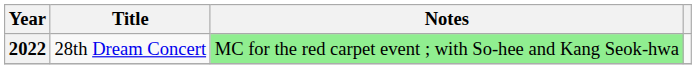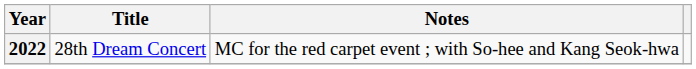 <table class="wikitable plainrowheaders">
 <tr>
 <th scope="col">Year</th>
 <th scope="col">Title</th>
 <th scope="col">Notes</th>
 <th scope="col" class="unsortable"></th>
 </tr>
 <tr>
 <th scope="row">2022</th>
 <td>28th <a href='#'>Dream Concert</a></td>
-<td style="background: lightgreen;">MC for the red carpet event ; with So-hee and Kang Seok-hwa</td>
+<td>MC for the red carpet event ; with So-hee and Kang Seok-hwa</td>
 <td></td>
 </tr>
 <tr>
 </tr>
 </table>
